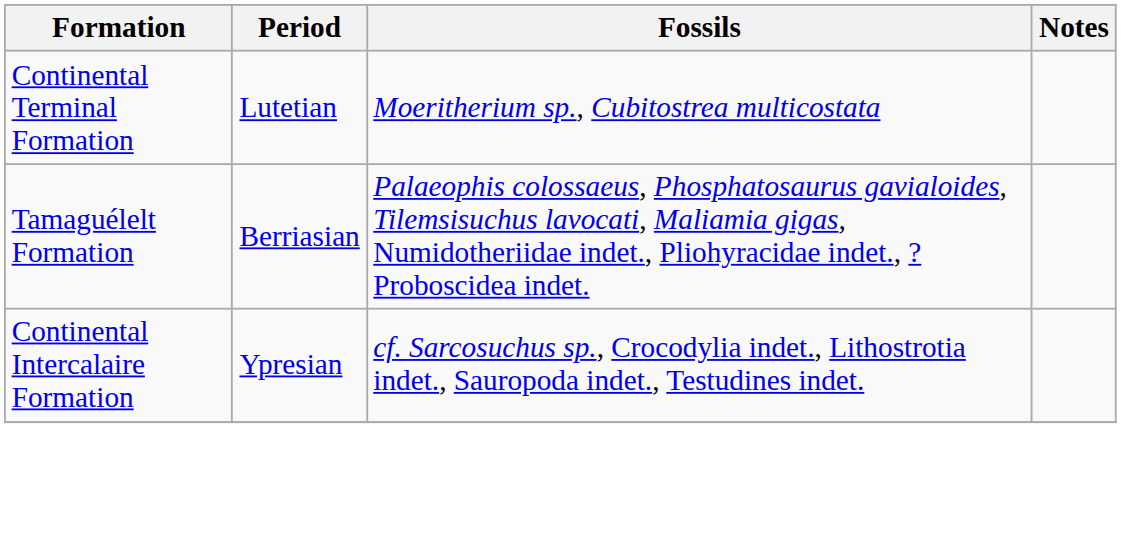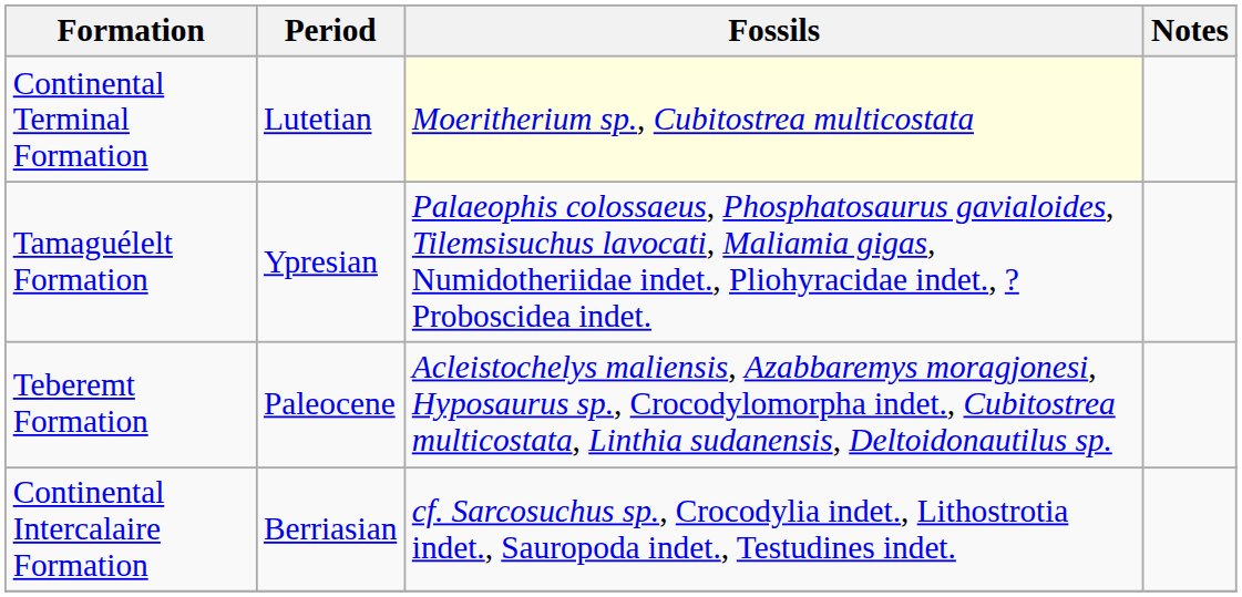 <table class="wikitable sortable">
 <tr>
 <th>Formation</th>
 <th>Period</th>
 <th>Fossils</th>
 <th class="unsortable">Notes</th>
 </tr>
 <tr>
 <td><a href='#'>Continental Terminal Formation</a></td>
 <td style="background-color: "><a href='#'>Lutetian</a></td>
-<td><em><a href='#'>Moeritherium sp.</a></em>, <em><a href='#'>Cubitostrea multicostata</a></em></td>
+<td style="background: lightyellow;"><em><a href='#'>Moeritherium sp.</a></em>, <em><a href='#'>Cubitostrea multicostata</a></em></td>
 <td align=center></td>
 </tr>
 <tr>
 <td><a href='#'>Tamaguélelt Formation</a></td>
-<td style="background-color: "><a href='#'>Berriasian</a></td>
+<td style="background-color: "><a href='#'>Ypresian</a></td>
 <td><em><a href='#'>Palaeophis colossaeus</a></em>, <em><a href='#'>Phosphatosaurus gavialoides</a></em>, <em><a href='#'>Tilemsisuchus lavocati</a></em>, <em><a href='#'>Maliamia gigas</a>,</em> <a href='#'>Numidotheriidae indet.</a>, <a href='#'>Pliohyracidae indet.</a>, <a href='#'>?Proboscidea indet.</a></td>
 <td align="center"></td>
 </tr>
 <tr>
+<td><a href='#'>Teberemt Formation</a></td>
+<td style="background-color: "><a href='#'>Paleocene</a></td>
+<td><em><a href='#'>Acleistochelys maliensis</a></em>, <em><a href='#'>Azabbaremys moragjonesi</a></em>, <em><a href='#'>Hyposaurus sp.</a></em>, <a href='#'>Crocodylomorpha indet.</a>, <em><a href='#'>Cubitostrea multicostata</a></em>, <em><a href='#'>Linthia sudanensis</a></em>, <em><a href='#'>Deltoidonautilus sp.</a></em></td>
+<td align=center></td>
+</tr>
+<tr>
 <td><a href='#'>Continental Intercalaire Formation</a></td>
-<td style="background-color: "><a href='#'>Ypresian</a></td>
+<td style="background-color: "><a href='#'>Berriasian</a></td>
 <td><em><a href='#'>cf. Sarcosuchus sp.</a></em>, <a href='#'>Crocodylia indet.</a>, <a href='#'>Lithostrotia indet.</a>, <a href='#'>Sauropoda indet.</a>, <a href='#'>Testudines indet.</a></td>
 <td align=center></td>
 </tr>
 <tr>
 </tr>
 </table>
